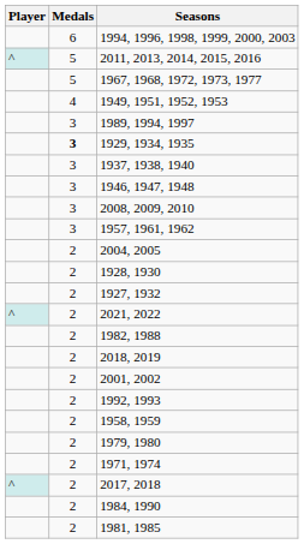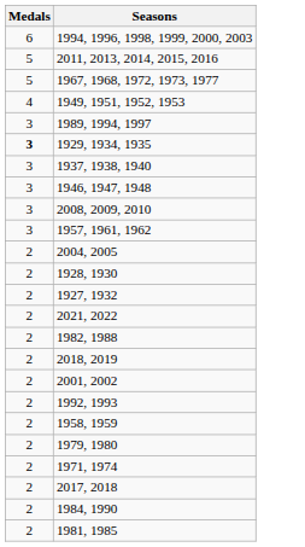 <table class="wikitable sortable">
 <tr>
-<th>Player</th>
 <th>Medals</th>
 <th class="unsortable">Seasons</th>
 </tr>
 <tr>
-<td></td>
 <td align="center">6</td>
 <td>1994, 1996, 1998, 1999, 2000, 2003</td>
 </tr>
 <tr>
-<td style="text-align:left; background:#cfecec;">^</td>
 <td align="center">5</td>
 <td>2011, 2013, 2014, 2015, 2016</td>
 </tr>
 <tr>
-<td></td>
 <td align="center">5</td>
 <td>1967, 1968, 1972, 1973, 1977</td>
 </tr>
 <tr>
-<td></td>
 <td align="center">4</td>
 <td>1949, 1951, 1952, 1953</td>
 </tr>
 <tr>
-<td></td>
 <td align="center">3</td>
 <td>1989, 1994, 1997</td>
 </tr>
 <tr>
-<td></td>
 <td align="center"><strong>3</strong></td>
 <td>1929, 1934, 1935</td>
 </tr>
 <tr>
-<td></td>
 <td align="center">3</td>
 <td>1937, 1938, 1940</td>
 </tr>
 <tr>
-<td></td>
 <td align="center">3</td>
 <td>1946, 1947, 1948</td>
 </tr>
 <tr>
-<td></td>
 <td align="center">3</td>
 <td>2008, 2009, 2010</td>
 </tr>
 <tr>
-<td></td>
 <td align="center">3</td>
 <td>1957, 1961, 1962</td>
 </tr>
 <tr>
-<td></td>
 <td align="center">2</td>
 <td>2004, 2005</td>
 </tr>
 <tr>
-<td></td>
 <td align="center">2</td>
 <td>1928, 1930</td>
 </tr>
 <tr>
-<td></td>
 <td align="center">2</td>
 <td>1927, 1932</td>
 </tr>
 <tr>
-<td style="text-align:left; background:#cfecec;">^</td>
 <td align="center">2</td>
 <td>2021, 2022</td>
 </tr>
 <tr>
-<td></td>
 <td align="center">2</td>
 <td>1982, 1988</td>
 </tr>
 <tr>
-<td style="text-align:left"></td>
 <td align="center">2</td>
 <td>2018, 2019</td>
 </tr>
 <tr>
-<td></td>
 <td align="center">2</td>
 <td>2001, 2002</td>
 </tr>
 <tr>
-<td></td>
 <td align="center">2</td>
 <td>1992, 1993</td>
 </tr>
 <tr>
-<td></td>
 <td align="center">2</td>
 <td>1958, 1959</td>
 </tr>
 <tr>
-<td></td>
 <td align="center">2</td>
 <td>1979, 1980</td>
 </tr>
 <tr>
-<td></td>
 <td align="center">2</td>
 <td>1971, 1974</td>
 </tr>
 <tr>
-<td style="text-align:left; background:#cfecec;">^</td>
 <td align="center">2</td>
 <td>2017, 2018</td>
 </tr>
 <tr>
-<td></td>
 <td align="center">2</td>
 <td>1984, 1990</td>
 </tr>
 <tr>
-<td></td>
 <td align="center">2</td>
 <td>1981, 1985</td>
 </tr>
 </table>
